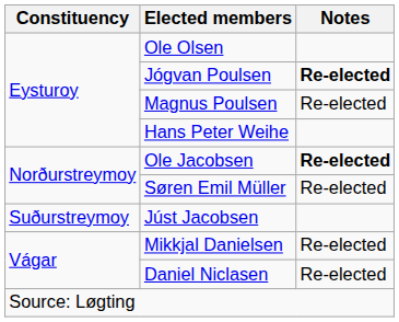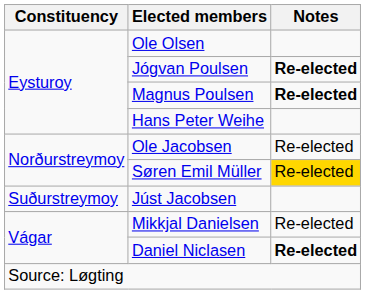 <table class=wikitable>
 <tr>
 <th>Constituency</th>
 <th>Elected members</th>
 <th>Notes</th>
 </tr>
 <tr>
 <td rowspan=4><a href='#'>Eysturoy</a></td>
 <td><a href='#'>Ole Olsen</a></td>
 <td></td>
 </tr>
 <tr>
 <td><a href='#'>Jógvan Poulsen</a></td>
 <td><strong>Re-elected</strong></td>
 </tr>
 <tr>
 <td><a href='#'>Magnus Poulsen</a></td>
-<td>Re-elected</td>
+<td><strong>Re-elected</strong></td>
 </tr>
 <tr>
 <td><a href='#'>Hans Peter Weihe</a></td>
 <td></td>
 </tr>
 <tr>
 <td rowspan=2><a href='#'>Norðurstreymoy</a></td>
 <td><a href='#'>Ole Jacobsen</a></td>
-<td><strong>Re-elected</strong></td>
+<td>Re-elected</td>
 </tr>
 <tr>
 <td><a href='#'>Søren Emil Müller</a></td>
-<td>Re-elected</td>
+<td style="background: gold;">Re-elected</td>
 </tr>
 <tr>
 <td><a href='#'>Suðurstreymoy</a></td>
 <td><a href='#'>Júst Jacobsen</a></td>
 </tr>
 <tr>
 <td rowspan=2><a href='#'>Vágar</a></td>
 <td><a href='#'>Mikkjal Danielsen</a></td>
 <td>Re-elected</td>
 </tr>
 <tr>
 <td><a href='#'>Daniel Niclasen</a></td>
-<td>Re-elected</td>
+<td><strong>Re-elected</strong></td>
 </tr>
 <tr>
 <td colspan=3>Source: Løgting</td>
 </tr>
 </table>
